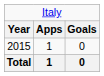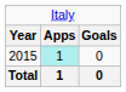 <table class="wikitable" style="text-align:center">
 <tr>
 <td colspan=3><a href='#'>Italy</a></td>
 </tr>
 <tr>
 <th>Year</th>
 <th>Apps</th>
 <th>Goals</th>
 </tr>
 <tr>
 <td>2015</td>
-<td>1</td>
+<td style="background: paleturquoise;">1</td>
 <td>0</td>
 </tr>
 <tr>
 <th>Total</th>
 <th>1</th>
 <th>0</th>
 </tr>
 </table>
